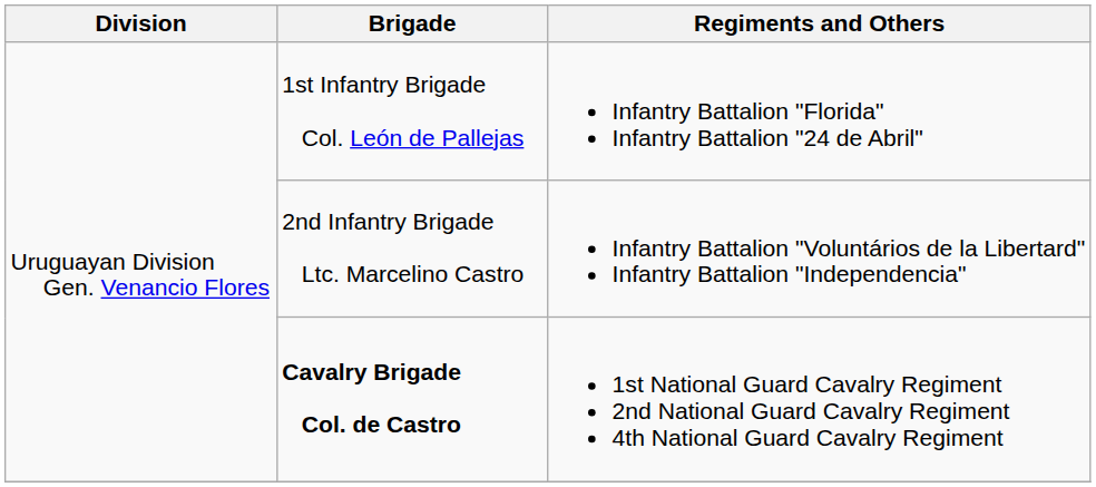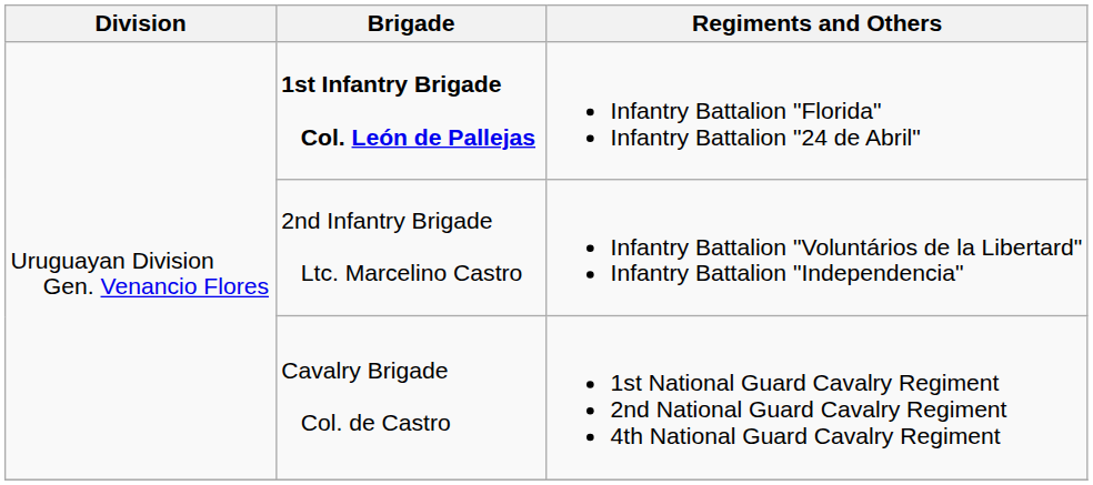 <table class="wikitable">
 <tr>
 <th width=25%>Division</th>
 <th width=25%>Brigade</th>
 <th>Regiments and Others</th>
 </tr>
 <tr>
 <td rowspan=3><br>Uruguayan Division <br>     Gen. <a href='#'>Venancio Flores</a></td>
-<td>1st Infantry Brigade<br><br>   Col. <a href='#'>León de Pallejas</a></td>
+<td><strong>1st Infantry Brigade<br><br>   Col. <a href='#'>León de Pallejas</a></strong></td>
 <td><br><ul><li>Infantry Battalion "Florida"</li><li>Infantry Battalion "24 de Abril"</li></ul></td>
 </tr>
 <tr>
 <td>2nd Infantry Brigade<br><br>   Ltc. Marcelino Castro</td>
 <td><br><ul><li>Infantry Battalion "Voluntários de la Libertard"</li><li>Infantry Battalion "Independencia"</li></ul></td>
 </tr>
 <tr>
-<td><strong>Cavalry Brigade<br><br>   Col. de Castro</strong></td>
+<td>Cavalry Brigade<br><br>   Col. de Castro</td>
 <td><br><ul><li>1st National Guard Cavalry Regiment</li><li>2nd National Guard Cavalry Regiment</li><li>4th National Guard Cavalry Regiment</li></ul></td>
 </tr>
 <tr>
 </tr>
 </table>
